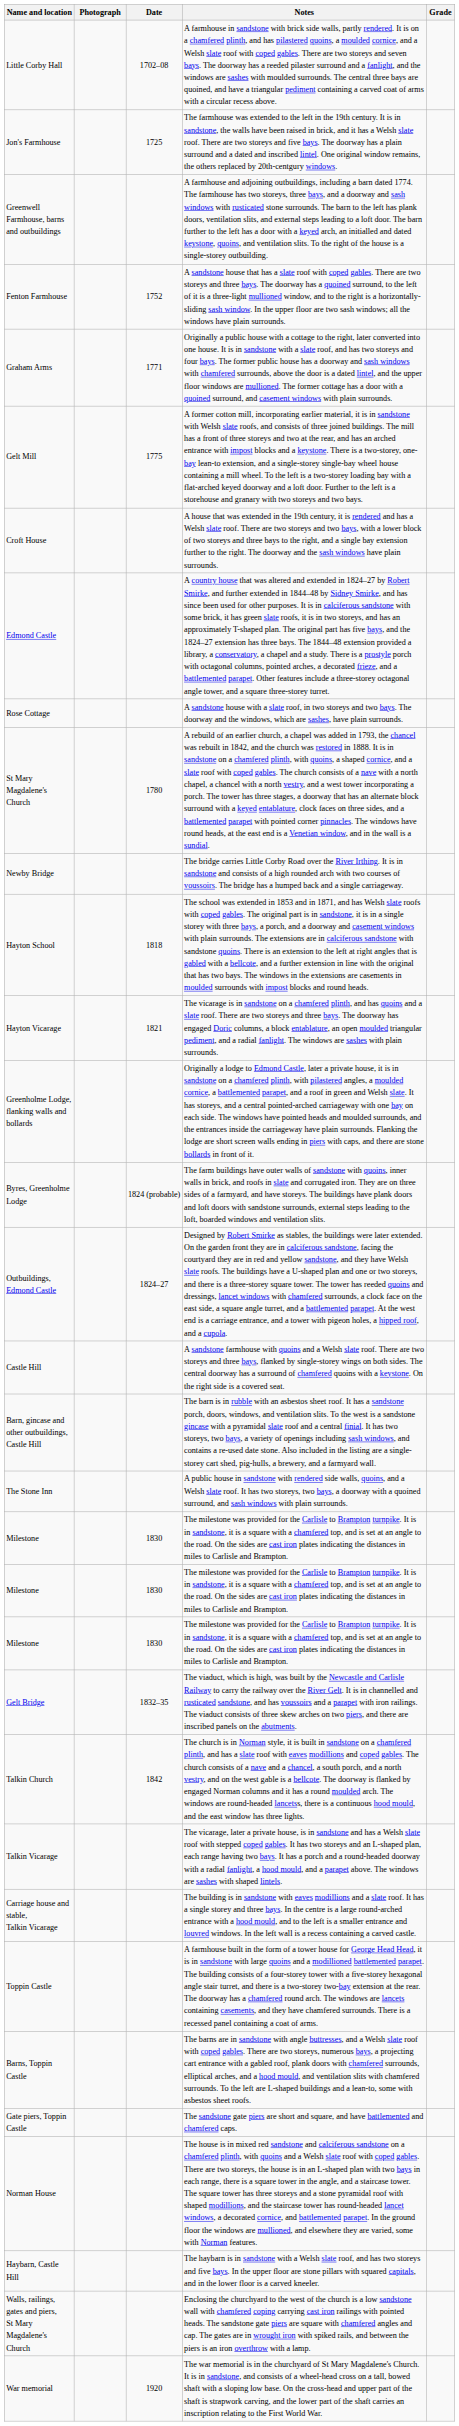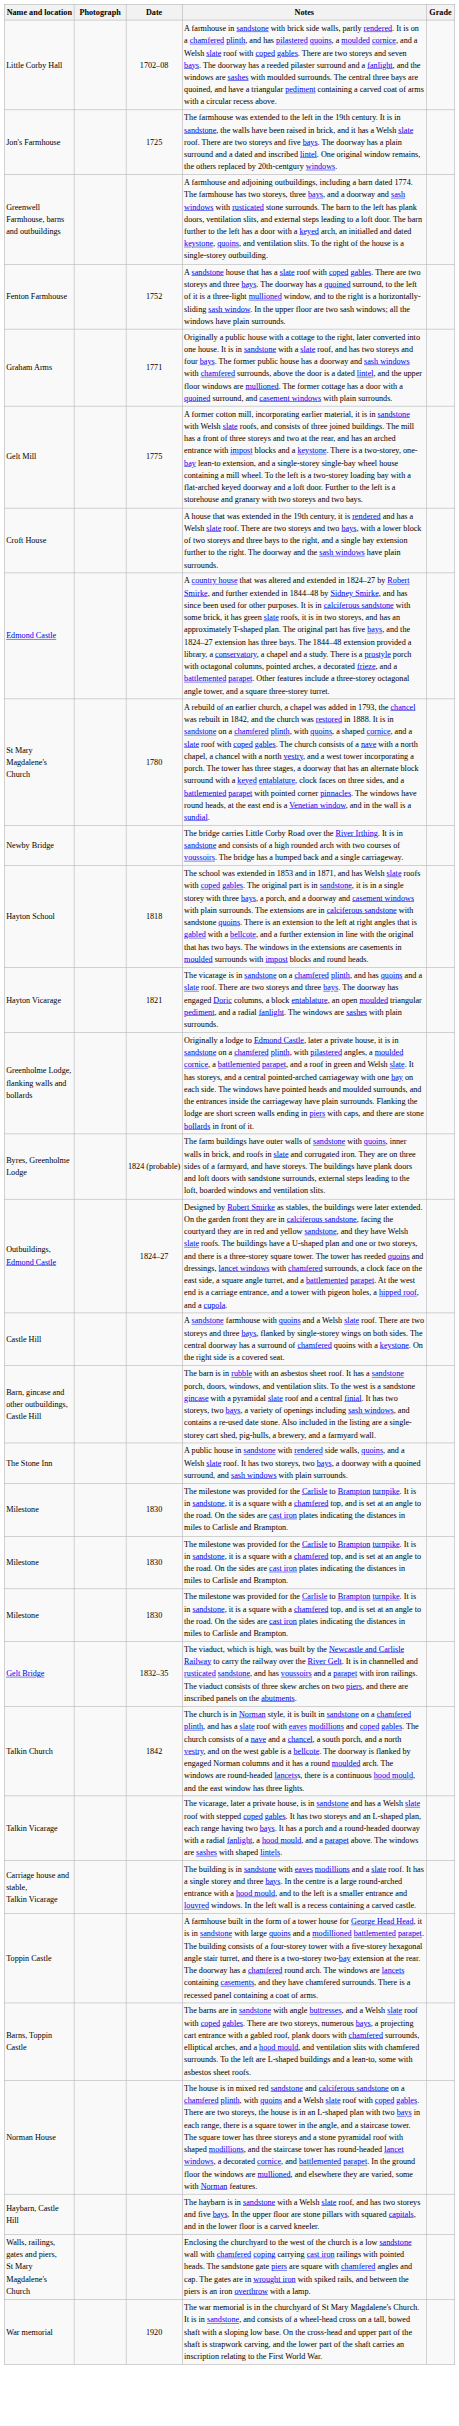 <table class="wikitable sortable plainrowheaders" style="width:100%; border:0; text-align:left; line-height:150%;">
 <tr>
 <th scope="col"  style="width:150px">Name and location</th>
 <th scope="col"  style="width:100px" class="unsortable">Photograph</th>
 <th scope="col"  style="width:120px">Date</th>
 <th scope="col"  style="width:650px" class="unsortable">Notes</th>
 <th scope="col"  style="width:50px">Grade</th>
 </tr>
 <tr>
 <td>Little Corby Hall<br><small></small></td>
 <td></td>
 <td align="center">1702–08</td>
 <td>A farmhouse in <a href='#'>sandstone</a> with brick side walls, partly <a href='#'>rendered</a>.  It is on a <a href='#'>chamfered</a> <a href='#'>plinth</a>, and has <a href='#'>pilastered</a> <a href='#'>quoins</a>, a <a href='#'>moulded</a> <a href='#'>cornice</a>, and a Welsh <a href='#'>slate</a> roof with <a href='#'>coped</a> <a href='#'>gables</a>.  There are two storeys and seven <a href='#'>bays</a>.  The doorway has a reeded pilaster surround and a <a href='#'>fanlight</a>, and the windows are <a href='#'>sashes</a> with moulded surrounds.  The central three bays are quoined, and have a triangular <a href='#'>pediment</a> containing a carved coat of arms with a circular recess above.</td>
 <td align="center" ></td>
 </tr>
 <tr>
 <td>Jon's Farmhouse<br><small></small></td>
 <td></td>
 <td align="center">1725</td>
 <td>The farmhouse was extended to the left in the 19th century.  It is in <a href='#'>sandstone</a>, the walls have been raised in brick, and it has a Welsh <a href='#'>slate</a> roof.  There are two storeys and five <a href='#'>bays</a>.  The doorway has a plain surround and a dated and inscribed <a href='#'>lintel</a>.  One original window remains, the others replaced by 20th-centgury <a href='#'>windows</a>.</td>
 <td align="center" ></td>
 </tr>
 <tr>
 <td>Greenwell Farmhouse, barns and outbuildings<br><small></small></td>
 <td></td>
 <td align="center"></td>
 <td>A farmhouse and adjoining outbuildings, including a barn dated 1774.  The farmhouse has two storeys, three <a href='#'>bays</a>, and a doorway and <a href='#'>sash windows</a> with <a href='#'>rusticated</a> stone surrounds.  The barn to the left has plank doors, ventilation slits, and external steps leading to a loft door. The barn further to the left has a door with a <a href='#'>keyed</a> arch, an initialled and dated <a href='#'>keystone</a>, <a href='#'>quoins</a>, and ventilation slits.  To the right of the house is a single-storey outbuilding.</td>
 <td align="center" ></td>
 </tr>
 <tr>
 <td>Fenton Farmhouse<br><small></small></td>
 <td></td>
 <td align="center">1752</td>
 <td>A <a href='#'>sandstone</a> house that has a <a href='#'>slate</a> roof with <a href='#'>coped</a> <a href='#'>gables</a>.  There are two storeys and three <a href='#'>bays</a>.  The doorway has a <a href='#'>quoined</a> surround, to the left of it is a three-light <a href='#'>mullioned</a> window, and to the right is a horizontally-sliding <a href='#'>sash window</a>.  In the upper floor are two sash windows; all the windows have plain surrounds.</td>
 <td align="center" ></td>
 </tr>
 <tr>
 <td>Graham Arms<br><small></small></td>
 <td></td>
 <td align="center">1771</td>
 <td>Originally a public house with a cottage to the right, later converted into one house.  It is in <a href='#'>sandstone</a> with a <a href='#'>slate</a> roof, and has two storeys and four <a href='#'>bays</a>.  The former public house has a doorway and <a href='#'>sash windows</a> with <a href='#'>chamfered</a> surrounds, above the door is a dated <a href='#'>lintel</a>, and the upper floor windows are <a href='#'>mullioned</a>.  The former cottage has a door with a <a href='#'>quoined</a> surround, and <a href='#'>casement windows</a> with plain surrounds.</td>
 <td align="center" ></td>
 </tr>
 <tr>
 <td>Gelt Mill<br><small></small></td>
 <td></td>
 <td align="center">1775</td>
 <td>A former cotton mill, incorporating earlier material, it is in <a href='#'>sandstone</a> with Welsh <a href='#'>slate</a> roofs, and consists of three joined buildings.  The mill has a front of three storeys and two at the rear, and has an arched entrance with <a href='#'>impost</a> blocks and a <a href='#'>keystone</a>.  There is a two-storey, one-<a href='#'>bay</a> lean-to extension, and a single-storey single-bay wheel house containing a mill wheel.  To the left is a two-storey loading bay with a flat-arched keyed doorway and a loft door.  Further to the left is a storehouse and granary with two storeys and two bays.</td>
 <td align="center" ></td>
 </tr>
 <tr>
 <td>Croft House<br><small></small></td>
 <td></td>
 <td align="center"></td>
 <td>A house that was extended in the 19th century, it is <a href='#'>rendered</a> and has a Welsh <a href='#'>slate</a> roof.  There are two storeys and two <a href='#'>bays</a>, with a lower block of two storeys and three bays to the right, and a single bay extension further to the right.  The doorway and the <a href='#'>sash windows</a> have plain surrounds.</td>
 <td align="center" ></td>
 </tr>
 <tr>
 <td><a href='#'>Edmond Castle</a><br><small></small></td>
 <td></td>
 <td align="center"></td>
 <td>A <a href='#'>country house</a> that was altered and extended in 1824–27 by <a href='#'>Robert Smirke</a>, and further extended in 1844–48 by <a href='#'>Sidney Smirke</a>, and has since been used for other purposes.  It is in <a href='#'>calciferous sandstone</a> with some brick, it has green <a href='#'>slate</a> roofs, it is in two storeys, and has an approximately T-shaped plan.  The original part has five <a href='#'>bays</a>, and the 1824–27 extension has three bays.  The 1844–48 extension provided a library, a <a href='#'>conservatory</a>, a chapel and a study.  There is a <a href='#'>prostyle</a> porch with octagonal columns, pointed arches, a decorated <a href='#'>frieze</a>, and a <a href='#'>battlemented</a> <a href='#'>parapet</a>.  Other features include a three-storey octagonal angle tower, and a square three-storey turret.</td>
-<td align="center" ></td>
-</tr>
-<tr>
-<td>Rose Cottage<br><small></small></td>
-<td></td>
-<td align="center"></td>
-<td>A <a href='#'>sandstone</a> house with a <a href='#'>slate</a> roof, in two storeys and two <a href='#'>bays</a>.  The doorway and the windows, which are <a href='#'>sashes</a>, have plain surrounds.</td>
 <td align="center" ></td>
 </tr>
 <tr>
 <td>St Mary Magdalene's Church<br><small></small></td>
 <td></td>
 <td align="center">1780</td>
 <td>A rebuild of an earlier church, a chapel was added in 1793, the <a href='#'>chancel</a> was rebuilt in 1842, and the church was <a href='#'>restored</a> in 1888.  It is in <a href='#'>sandstone</a> on a <a href='#'>chamfered</a> <a href='#'>plinth</a>, with <a href='#'>quoins</a>, a shaped <a href='#'>cornice</a>, and a <a href='#'>slate</a> roof with <a href='#'>coped</a> <a href='#'>gables</a>.  The church consists of a <a href='#'>nave</a> with a north chapel, a chancel with a north <a href='#'>vestry</a>, and a west tower incorporating a porch.  The tower has three stages, a doorway that has an alternate block surround with a <a href='#'>keyed</a> <a href='#'>entablature</a>, clock faces on three sides, and a <a href='#'>battlemented</a> <a href='#'>parapet</a> with pointed corner <a href='#'>pinnacles</a>.  The windows have round heads, at the east end is a <a href='#'>Venetian window</a>, and in the wall is a <a href='#'>sundial</a>.</td>
 <td align="center" ></td>
 </tr>
 <tr>
 <td>Newby Bridge<br><small></small></td>
 <td></td>
 <td align="center"></td>
 <td>The bridge carries Little Corby Road over the <a href='#'>River Irthing</a>.  It is in <a href='#'>sandstone</a> and consists of a high rounded arch with two courses of <a href='#'>voussoirs</a>.  The bridge has a humped back and a single carriageway.</td>
 <td align="center" ></td>
 </tr>
 <tr>
 <td>Hayton School<br><small></small></td>
 <td></td>
 <td align="center">1818</td>
 <td>The school was extended in 1853 and in 1871, and has Welsh <a href='#'>slate</a> roofs with <a href='#'>coped</a> <a href='#'>gables</a>.   The original part is in <a href='#'>sandstone</a>, it is in a single storey with three <a href='#'>bays</a>, a porch, and a doorway and <a href='#'>casement windows</a> with plain surrounds.  The extensions are in <a href='#'>calciferous sandstone</a> with sandstone <a href='#'>quoins</a>.  There is an extension to the left at right angles that is <a href='#'>gabled</a> with a <a href='#'>bellcote</a>, and a further extension in line with the original that has two bays.  The windows in the extensions are casements in <a href='#'>moulded</a> surrounds with <a href='#'>impost</a> blocks and round heads.</td>
 <td align="center" ></td>
 </tr>
 <tr>
 <td>Hayton Vicarage<br><small></small></td>
 <td></td>
 <td align="center">1821</td>
 <td>The vicarage is in <a href='#'>sandstone</a> on a <a href='#'>chamfered</a> <a href='#'>plinth</a>, and has <a href='#'>quoins</a> and a <a href='#'>slate</a> roof.  There are two storeys and three <a href='#'>bays</a>.  The doorway has engaged <a href='#'>Doric</a> columns, a block <a href='#'>entablature</a>, an open <a href='#'>moulded</a> triangular <a href='#'>pediment</a>, and a radial <a href='#'>fanlight</a>.  The windows are <a href='#'>sashes</a> with plain surrounds.</td>
 <td align="center" ></td>
 </tr>
 <tr>
 <td>Greenholme Lodge, flanking walls and bollards<br><small></small></td>
 <td></td>
 <td align="center"></td>
 <td>Originally a lodge to <a href='#'>Edmond Castle</a>, later a private house, it is in <a href='#'>sandstone</a> on a <a href='#'>chamfered</a> <a href='#'>plinth</a>, with <a href='#'>pilastered</a> angles, a <a href='#'>moulded</a> <a href='#'>cornice</a>, a <a href='#'>battlemented</a> <a href='#'>parapet</a>, and a roof in green and Welsh <a href='#'>slate</a>.  It has  storeys, and a central pointed-arched carriageway with one <a href='#'>bay</a> on each side.  The windows have pointed heads and moulded surrounds, and the entrances inside the carriageway have plain surrounds.  Flanking the lodge are short screen walls ending in <a href='#'>piers</a> with caps, and there are stone <a href='#'>bollards</a> in front of it.</td>
 <td align="center" ></td>
 </tr>
 <tr>
 <td>Byres, Greenholme Lodge<br><small></small></td>
 <td></td>
 <td align="center">1824 (probable)</td>
 <td>The farm buildings have outer walls of <a href='#'>sandstone</a> with <a href='#'>quoins</a>, inner walls in brick, and roofs in <a href='#'>slate</a> and corrugated iron.  They are on three sides of a farmyard, and have  storeys.  The buildings have plank doors and loft doors with sandstone surrounds, external steps leading to the loft, boarded windows and ventilation slits.</td>
 <td align="center" ></td>
 </tr>
 <tr>
 <td>Outbuildings, <a href='#'>Edmond Castle</a><br><small></small></td>
 <td></td>
 <td align="center">1824–27</td>
 <td>Designed by <a href='#'>Robert Smirke</a> as stables, the buildings were later extended.  On the garden front they are in <a href='#'>calciferous sandstone</a>, facing the courtyard they are in red and yellow <a href='#'>sandstone</a>, and they have Welsh <a href='#'>slate</a> roofs.  The buildings have a U-shaped plan and one or two storeys, and there is a three-storey square tower.  The tower has reeded <a href='#'>quoins</a> and dressings, <a href='#'>lancet windows</a> with <a href='#'>chamfered</a> surrounds, a clock face on the east side, a square angle turret, and a <a href='#'>battlemented</a> <a href='#'>parapet</a>.  At the west end is a carriage entrance, and a tower with pigeon holes, a <a href='#'>hipped roof</a>, and a <a href='#'>cupola</a>.</td>
 <td align="center" ></td>
 </tr>
 <tr>
 <td>Castle Hill<br><small></small></td>
 <td></td>
 <td align="center"></td>
 <td>A <a href='#'>sandstone</a> farmhouse with <a href='#'>quoins</a> and a Welsh <a href='#'>slate</a> roof.  There are two storeys and three <a href='#'>bays</a>, flanked by single-storey wings on both sides.  The central doorway has a surround of <a href='#'>chamfered</a> quoins with a <a href='#'>keystone</a>.  On the right side is a covered seat.</td>
 <td align="center" ></td>
 </tr>
 <tr>
 <td>Barn, gincase and other outbuildings,<br>Castle Hill<br><small></small></td>
 <td></td>
 <td align="center"></td>
 <td>The barn is in <a href='#'>rubble</a> with an asbestos sheet roof.  It has a <a href='#'>sandstone</a> porch, doors, windows, and ventilation slits.  To the west is a sandstone <a href='#'>gincase</a> with a pyramidal <a href='#'>slate</a> roof and a central <a href='#'>finial</a>.  It has two storeys, two <a href='#'>bays</a>, a variety of openings including <a href='#'>sash windows</a>, and contains a re-used date stone.  Also included in the listing are a single-storey cart shed, pig-hulls, a brewery, and a farmyard wall.</td>
 <td align="center" ></td>
 </tr>
 <tr>
 <td>The Stone Inn<br><small></small></td>
 <td></td>
 <td align="center"></td>
 <td>A public house in <a href='#'>sandstone</a> with <a href='#'>rendered</a> side walls, <a href='#'>quoins</a>, and a Welsh <a href='#'>slate</a> roof.  It has two storeys, two <a href='#'>bays</a>, a doorway with a quoined surround, and <a href='#'>sash windows</a> with plain surrounds.</td>
 <td align="center" ></td>
 </tr>
 <tr>
 <td>Milestone<br><small></small></td>
 <td></td>
 <td align="center">1830</td>
 <td>The milestone was provided for the <a href='#'>Carlisle</a> to <a href='#'>Brampton</a> <a href='#'>turnpike</a>.  It is in <a href='#'>sandstone</a>, it is a square with a <a href='#'>chamfered</a> top, and is set at an angle to the road.  On the sides are <a href='#'>cast iron</a> plates indicating the distances in miles to Carlisle and Brampton.</td>
 <td align="center" ></td>
 </tr>
 <tr>
 <td>Milestone<br><small></small></td>
 <td></td>
 <td align="center">1830</td>
 <td>The milestone was provided for the <a href='#'>Carlisle</a> to <a href='#'>Brampton</a> <a href='#'>turnpike</a>.  It is in <a href='#'>sandstone</a>, it is a square with a <a href='#'>chamfered</a> top, and is set at an angle to the road.  On the sides are <a href='#'>cast iron</a> plates indicating the distances in miles to Carlisle and Brampton.</td>
 <td align="center" ></td>
 </tr>
 <tr>
 <td>Milestone<br><small></small></td>
 <td></td>
 <td align="center">1830</td>
 <td>The milestone was provided for the <a href='#'>Carlisle</a> to <a href='#'>Brampton</a> <a href='#'>turnpike</a>.  It is in <a href='#'>sandstone</a>, it is a square with a <a href='#'>chamfered</a> top, and is set at an angle to the road.  On the sides are <a href='#'>cast iron</a> plates indicating the distances in miles to Carlisle and Brampton.</td>
 <td align="center" ></td>
 </tr>
 <tr>
 <td><a href='#'>Gelt Bridge</a><br><small></small></td>
 <td></td>
 <td align="center">1832–35</td>
 <td>The viaduct, which is  high, was built by the <a href='#'>Newcastle and Carlisle Railway</a> to carry the railway over the <a href='#'>River Gelt</a>.  It is in channelled and <a href='#'>rusticated</a> <a href='#'>sandstone</a>, and has <a href='#'>voussoirs</a> and a <a href='#'>parapet</a> with iron railings.  The viaduct consists of three skew arches on two <a href='#'>piers</a>, and there are inscribed panels on the <a href='#'>abutments</a>.</td>
 <td align="center" ></td>
 </tr>
 <tr>
 <td>Talkin Church<br><small></small></td>
 <td></td>
 <td align="center">1842</td>
 <td>The church is in <a href='#'>Norman</a> style, it is built in <a href='#'>sandstone</a> on a <a href='#'>chamfered</a> <a href='#'>plinth</a>, and has a <a href='#'>slate</a> roof with <a href='#'>eaves</a> <a href='#'>modillions</a> and <a href='#'>coped</a> <a href='#'>gables</a>.  The church consists of a <a href='#'>nave</a> and a <a href='#'>chancel</a>, a south porch, and a north <a href='#'>vestry</a>, and on the west gable is a <a href='#'>bellcote</a>.  The doorway is flanked by engaged Norman columns and it has a round <a href='#'>moulded</a> arch.  The windows are round-headed <a href='#'>lancets</a>s, there is a continuous <a href='#'>hood mould</a>, and the east window has three lights.</td>
 <td align="center" ></td>
 </tr>
 <tr>
 <td>Talkin Vicarage<br><small></small></td>
 <td></td>
 <td align="center"></td>
 <td>The vicarage, later a private house, is in <a href='#'>sandstone</a> and has a Welsh <a href='#'>slate</a> roof with stepped <a href='#'>coped</a> <a href='#'>gables</a>.  It has two storeys and an L-shaped plan, each range having two <a href='#'>bays</a>.  It has a porch and a round-headed doorway with a radial <a href='#'>fanlight</a>, a <a href='#'>hood mould</a>, and a <a href='#'>parapet</a> above.  The windows are <a href='#'>sashes</a> with shaped <a href='#'>lintels</a>.</td>
 <td align="center" ></td>
 </tr>
 <tr>
 <td>Carriage house and stable,<br>Talkin Vicarage<br><small></small></td>
 <td></td>
 <td align="center"></td>
 <td>The building is in <a href='#'>sandstone</a> with <a href='#'>eaves</a> <a href='#'>modillions</a> and a <a href='#'>slate</a> roof.  It has a single storey and three <a href='#'>bays</a>.  In the centre is a large round-arched entrance with a <a href='#'>hood mould</a>, and to the left is a smaller entrance and <a href='#'>louvred</a> windows.  In the left wall is a recess containing a carved castle.</td>
 <td align="center" ></td>
 </tr>
 <tr>
 <td>Toppin Castle<br><small></small></td>
 <td></td>
 <td align="center"></td>
 <td>A farmhouse built in the form of a tower house for <a href='#'>George Head Head</a>, it is in <a href='#'>sandstone</a> with large <a href='#'>quoins</a> and a <a href='#'>modillioned</a> <a href='#'>battlemented</a> <a href='#'>parapet</a>.  The building consists of a four-storey tower with a five-storey hexagonal angle stair turret, and there is a two-storey two-<a href='#'>bay</a> extension at the rear.  The doorway has a <a href='#'>chamfered</a> round arch.  The windows are <a href='#'>lancets</a> containing <a href='#'>casements</a>, and they have chamfered surrounds.  There is a recessed panel containing a coat of arms.</td>
 <td align="center" ></td>
 </tr>
 <tr>
 <td>Barns, Toppin Castle<br><small></small></td>
 <td></td>
 <td align="center"></td>
 <td>The barns are in <a href='#'>sandstone</a> with angle <a href='#'>buttresses</a>, and a Welsh <a href='#'>slate</a> roof with <a href='#'>coped</a> <a href='#'>gables</a>.  There are two storeys, numerous <a href='#'>bays</a>, a projecting cart entrance with a gabled roof, plank doors with <a href='#'>chamfered</a> surrounds, elliptical arches, and a <a href='#'>hood mould</a>, and ventilation slits with chamfered surrounds.  To the left are L-shaped buildings and a lean-to, some with asbestos sheet roofs.</td>
 <td align="center" ></td>
 </tr>
 <tr>
-<td>Gate piers, Toppin Castle<br><small></small></td>
-<td></td>
-<td align="center"></td>
-<td>The <a href='#'>sandstone</a> gate <a href='#'>piers</a> are short and square, and have <a href='#'>battlemented</a> and <a href='#'>chamfered</a> caps.</td>
-<td align="center" ></td>
-</tr>
-<tr>
 <td>Norman House<br><small></small></td>
 <td></td>
 <td align="center"></td>
 <td>The house is in mixed red <a href='#'>sandstone</a> and <a href='#'>calciferous sandstone</a> on a <a href='#'>chamfered</a> <a href='#'>plinth</a>, with <a href='#'>quoins</a> and a Welsh <a href='#'>slate</a> roof with <a href='#'>coped</a> <a href='#'>gables</a>.  There are two storeys, the house is in an L-shaped plan with two <a href='#'>bays</a> in each range, there is a square tower in the angle, and a staircase tower.  The square tower has three storeys and a stone pyramidal roof with shaped <a href='#'>modillions</a>, and the staircase tower has round-headed <a href='#'>lancet windows</a>, a decorated <a href='#'>cornice</a>, and <a href='#'>battlemented</a> <a href='#'>parapet</a>.  In the ground floor the windows are <a href='#'>mullioned</a>, and elsewhere they are varied, some with <a href='#'>Norman</a> features.</td>
 <td align="center" ></td>
 </tr>
 <tr>
 <td>Haybarn, Castle Hill<br><small></small></td>
 <td></td>
 <td align="center"></td>
 <td>The haybarn is in <a href='#'>sandstone</a> with a Welsh <a href='#'>slate</a> roof, and has two storeys and five <a href='#'>bays</a>. In the upper floor are stone pillars with squared <a href='#'>capitals</a>, and in the lower floor is a carved kneeler.</td>
 <td align="center" ></td>
 </tr>
 <tr>
 <td>Walls, railings, gates and piers,<br>St Mary Magdalene's Church<br><small></small></td>
 <td></td>
 <td align="center"></td>
 <td>Enclosing the churchyard to the west of the church is a low <a href='#'>sandstone</a> wall with <a href='#'>chamfered</a> <a href='#'>coping</a> carrying <a href='#'>cast iron</a> railings with pointed heads.  The sandstone gate <a href='#'>piers</a> are square with <a href='#'>chamfered</a> angles and cap.  The gates are in <a href='#'>wrought iron</a> with spiked rails, and between the piers is an iron <a href='#'>overthrow</a> with a lamp.</td>
 <td align="center" ></td>
 </tr>
 <tr>
 <td>War memorial<br><small></small></td>
 <td></td>
 <td align="center">1920</td>
 <td>The war memorial is in the churchyard of St Mary Magdalene's Church.  It is in <a href='#'>sandstone</a>, and consists of a wheel-head cross on a tall, bowed shaft with a sloping low base.  On the cross-head and upper part of the shaft is strapwork carving, and the lower part of the shaft carries an inscription relating to the First World War.</td>
 <td align="center" ></td>
 </tr>
 <tr>
 </tr>
 </table>
